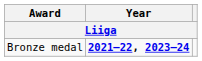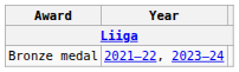 <table class="wikitable">
 <tr>
 <th>Award</th>
 <th>Year</th>
 <th></th>
 </tr>
 <tr ALIGN="center" bgcolor="#e0e0e0">
 <th colspan="3"><a href='#'>Liiga</a></th>
 </tr>
 <tr>
 <td>Bronze medal</td>
-<td><strong><a href='#'>2021–22</a>, <a href='#'>2023–24</a></strong></td>
+<td><a href='#'>2021–22</a>, <a href='#'>2023–24</a></td>
 <td></td>
 </tr>
 </table>
